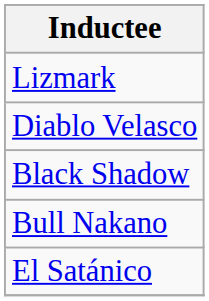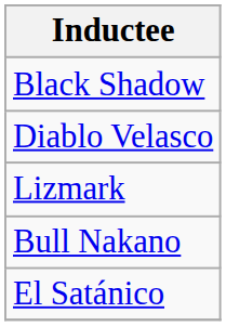 <table class="wikitable">
 <tr>
 <th>Inductee</th>
 </tr>
 <tr>
-<td><a href='#'>Lizmark</a></td>
+<td><a href='#'>Black Shadow</a></td>
 </tr>
 <tr>
 <td><a href='#'>Diablo Velasco</a></td>
 </tr>
 <tr>
-<td><a href='#'>Black Shadow</a></td>
+<td><a href='#'>Lizmark</a></td>
 </tr>
 <tr>
 <td><a href='#'>Bull Nakano</a></td>
 </tr>
 <tr>
 <td><a href='#'>El Satánico</a></td>
 </tr>
 <tr>
 </tr>
 </table>
